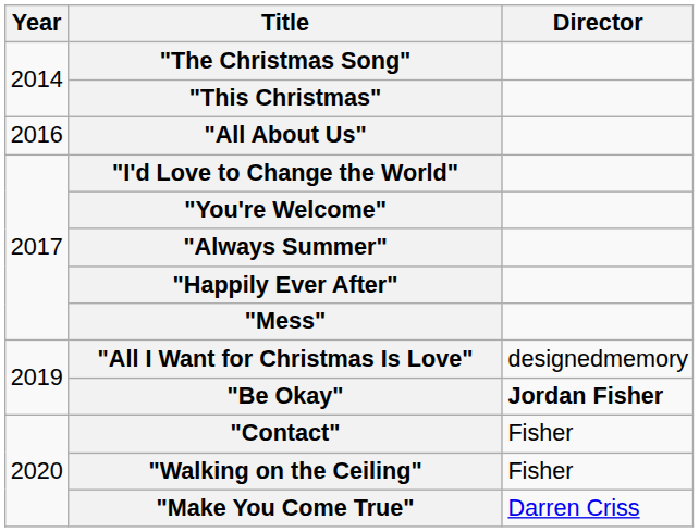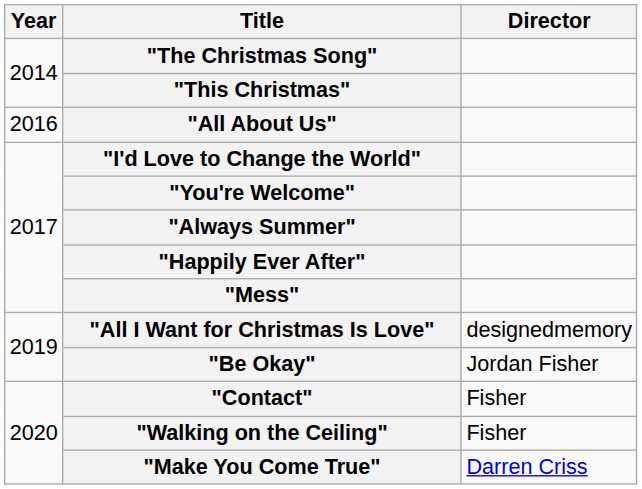 <table class="wikitable plainrowheaders" border="1">
 <tr>
 <th scope="col">Year</th>
 <th scope="col" style="width:18em;">Title</th>
 <th scope="col">Director</th>
 </tr>
 <tr>
 <td rowspan="2">2014</td>
 <th scope="row">"The Christmas Song"</th>
 <td></td>
 </tr>
 <tr>
 <th scope="row">"This Christmas"</th>
 <td></td>
 </tr>
 <tr>
 <td>2016</td>
 <th scope="row">"All About Us"</th>
 <td></td>
 </tr>
 <tr>
 <td rowspan="5">2017</td>
 <th scope="row">"I'd Love to Change the World"</th>
 <td></td>
 </tr>
 <tr>
 <th scope="row">"You're Welcome"</th>
 <td></td>
 </tr>
 <tr>
 <th scope="row">"Always Summer"</th>
 <td></td>
 </tr>
 <tr>
 <th scope="row">"Happily Ever After"</th>
 <td></td>
 </tr>
 <tr>
 <th scope="row">"Mess"</th>
 <td></td>
 </tr>
 <tr>
 <td rowspan="2">2019</td>
 <th scope="row">"All I Want for Christmas Is Love"</th>
 <td>designedmemory</td>
 </tr>
 <tr>
 <th scope="row">"Be Okay"</th>
-<td><strong>Jordan Fisher</strong></td>
+<td>Jordan Fisher</td>
 </tr>
 <tr>
 <td rowspan="3">2020</td>
 <th scope="row">"Contact"</th>
 <td>Fisher</td>
 </tr>
 <tr>
 <th scope="row">"Walking on the Ceiling"</th>
 <td>Fisher</td>
 </tr>
 <tr>
 <th scope="row">"Make You Come True"</th>
 <td><a href='#'>Darren Criss</a></td>
 </tr>
 </table>
